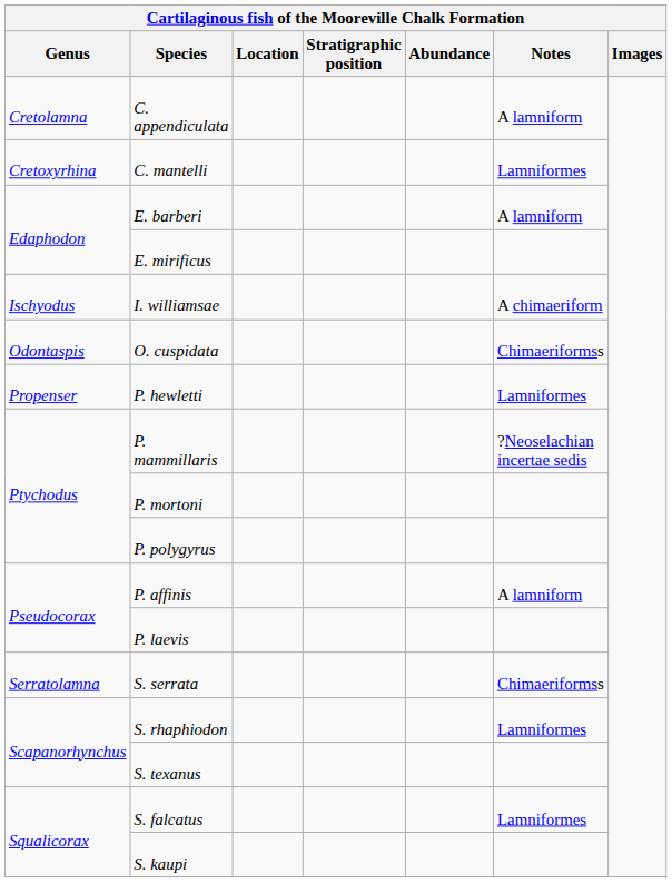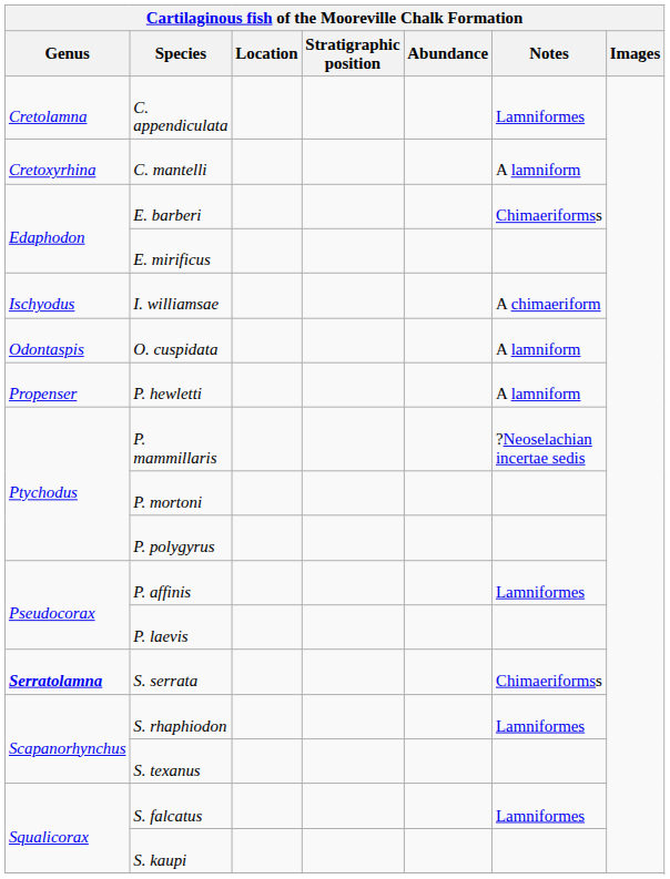 <table class="wikitable" align="center" width="100%">
 <tr>
 <th colspan="7" align="center"><strong><a href='#'>Cartilaginous fish</a> of the Mooreville Chalk Formation</strong></th>
 </tr>
 <tr>
 <th>Genus</th>
 <th>Species</th>
 <th>Location</th>
 <th>Stratigraphic position</th>
 <th>Abundance</th>
 <th>Notes</th>
 <th>Images</th>
 </tr>
 <tr>
 <td><br><em><a href='#'>Cretolamna</a></em></td>
 <td><br><em>C. appendiculata</em></td>
 <td></td>
 <td></td>
 <td></td>
-<td><br>A <a href='#'>lamniform</a></td>
+<td><br><a href='#'>Lamniformes</a></td>
 <td rowspan="99"><br> </td>
 </tr>
 <tr>
 <td><br><em><a href='#'>Cretoxyrhina</a></em></td>
 <td><br><em>C. mantelli</em></td>
 <td></td>
 <td></td>
 <td></td>
-<td><br><a href='#'>Lamniformes</a></td>
+<td><br>A <a href='#'>lamniform</a></td>
 </tr>
 <tr>
 <td rowspan="2"><br><em><a href='#'>Edaphodon</a></em></td>
 <td><br><em>E. barberi</em></td>
 <td></td>
 <td></td>
 <td></td>
-<td><br>A <a href='#'>lamniform</a></td>
+<td><br><a href='#'>Chimaeriforms</a>s</td>
 </tr>
 <tr>
 <td><br><em>E. mirificus</em></td>
 <td></td>
 <td></td>
 <td></td>
 <td></td>
 </tr>
 <tr>
 <td><br><em><a href='#'>Ischyodus</a></em></td>
 <td><br><em>I. williamsae</em></td>
 <td></td>
 <td></td>
 <td></td>
 <td><br>A <a href='#'>chimaeriform</a></td>
 </tr>
 <tr>
 <td><br><em><a href='#'>Odontaspis</a></em></td>
 <td><br><em>O. cuspidata</em></td>
 <td></td>
 <td></td>
 <td></td>
-<td><br><a href='#'>Chimaeriforms</a>s</td>
+<td><br>A <a href='#'>lamniform</a></td>
 </tr>
 <tr>
 <td><br><em><a href='#'>Propenser</a></em></td>
 <td><br><em>P. hewletti</em></td>
 <td></td>
 <td></td>
 <td></td>
-<td><br><a href='#'>Lamniformes</a></td>
+<td><br>A <a href='#'>lamniform</a></td>
 </tr>
 <tr>
 <td rowspan="3"><br><em><a href='#'>Ptychodus</a></em></td>
 <td><br><em>P. mammillaris</em></td>
 <td></td>
 <td></td>
 <td></td>
 <td><br>?<a href='#'>Neoselachian</a> <a href='#'>incertae sedis</a></td>
 </tr>
 <tr>
 <td><br><em>P. mortoni</em></td>
 <td></td>
 <td></td>
 <td></td>
 <td></td>
 </tr>
 <tr>
 <td><br><em>P. polygyrus</em></td>
 <td></td>
 <td></td>
 <td></td>
 <td></td>
 </tr>
 <tr>
 <td rowspan="2"><br><em><a href='#'>Pseudocorax</a></em></td>
 <td><br><em>P. affinis</em></td>
 <td></td>
 <td></td>
 <td></td>
-<td><br>A <a href='#'>lamniform</a></td>
+<td><br><a href='#'>Lamniformes</a></td>
 </tr>
 <tr>
 <td><br><em>P. laevis</em></td>
 <td></td>
 <td></td>
 <td></td>
 <td></td>
 </tr>
 <tr>
-<td><br><em><a href='#'>Serratolamna</a></em></td>
+<td><strong><br><em><a href='#'>Serratolamna</a></em></strong></td>
 <td><br><em>S. serrata</em></td>
 <td></td>
 <td></td>
 <td></td>
 <td><br><a href='#'>Chimaeriforms</a>s</td>
 </tr>
 <tr>
 <td rowspan="2"><br><em><a href='#'>Scapanorhynchus</a></em></td>
 <td><br><em>S. rhaphiodon</em></td>
 <td></td>
 <td></td>
 <td></td>
 <td><br><a href='#'>Lamniformes</a></td>
 </tr>
 <tr>
 <td><br><em>S. texanus</em></td>
 <td></td>
 <td></td>
 <td></td>
 <td></td>
 </tr>
 <tr>
 <td rowspan="2"><br><em><a href='#'>Squalicorax</a></em></td>
 <td><br><em>S. falcatus</em></td>
 <td></td>
 <td></td>
 <td></td>
 <td><br><a href='#'>Lamniformes</a></td>
 </tr>
 <tr>
 <td><br><em>S. kaupi</em></td>
 <td></td>
 <td></td>
 <td></td>
 <td></td>
 </tr>
 <tr>
 </tr>
 </table>
